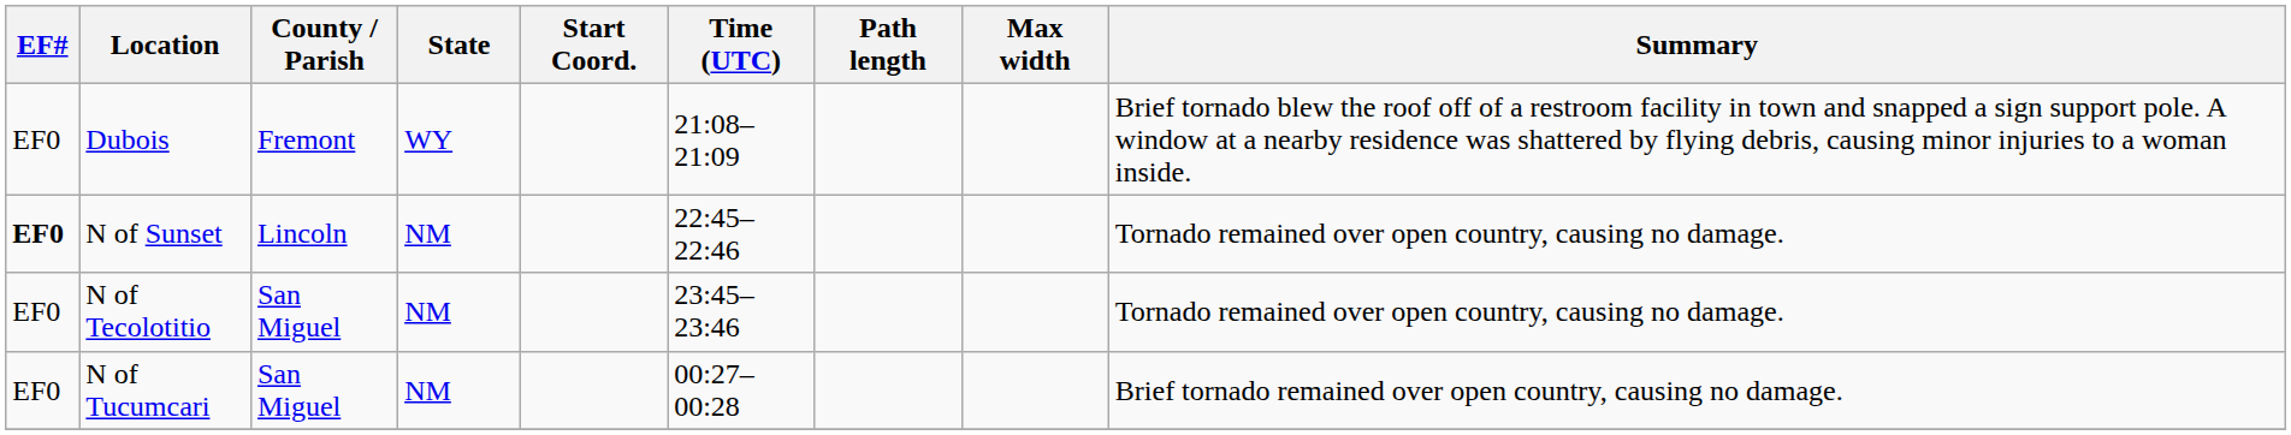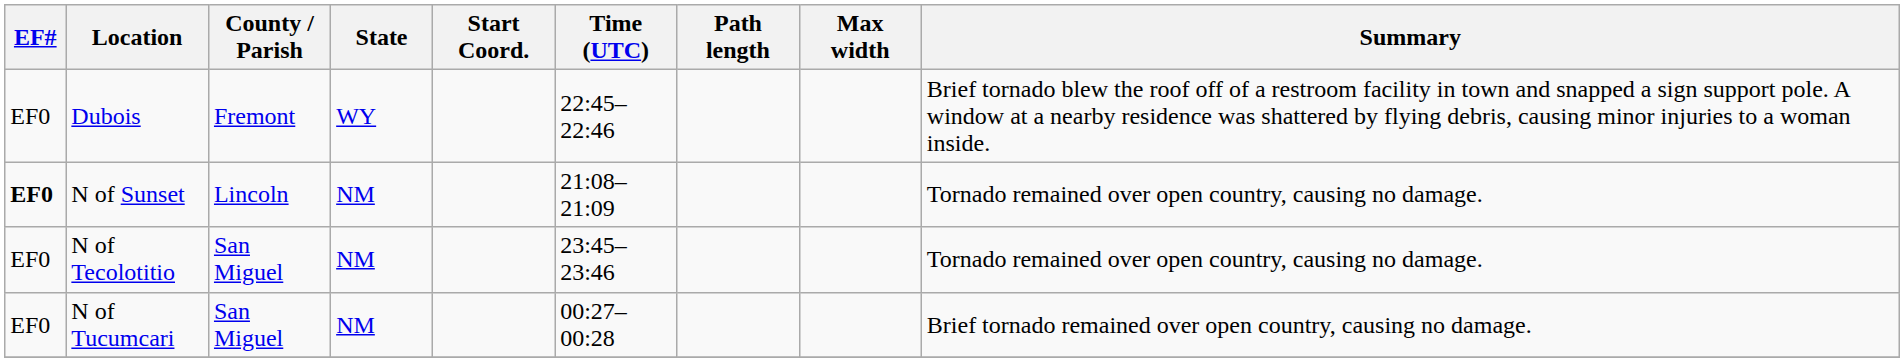 <table class="wikitable sortable" style="width:100%;">
 <tr>
 <th scope="col" width="3%" align="center"><a href='#'>EF#</a></th>
 <th scope="col" width="7%" align="center" class="unsortable">Location</th>
 <th scope="col" width="6%" align="center" class="unsortable">County / Parish</th>
 <th scope="col" width="5%" align="center">State</th>
 <th scope="col" width="6%" align="center">Start Coord.</th>
 <th scope="col" width="6%" align="center">Time (<a href='#'>UTC</a>)</th>
 <th scope="col" width="6%" align="center">Path length</th>
 <th scope="col" width="6%" align="center">Max width</th>
 <th scope="col" width="48%" class="unsortable" align="center">Summary</th>
 </tr>
 <tr>
 <td>EF0</td>
 <td><a href='#'>Dubois</a></td>
 <td><a href='#'>Fremont</a></td>
 <td><a href='#'>WY</a></td>
 <td></td>
-<td>21:08–21:09</td>
+<td>22:45–22:46</td>
 <td></td>
 <td></td>
 <td>Brief tornado blew the roof off of a restroom facility in town and snapped a sign support pole. A window at a nearby residence was shattered by flying debris, causing minor injuries to a woman inside.</td>
 </tr>
 <tr>
 <td><strong>EF0</strong></td>
 <td>N of <a href='#'>Sunset</a></td>
 <td><a href='#'>Lincoln</a></td>
 <td><a href='#'>NM</a></td>
 <td></td>
-<td>22:45–22:46</td>
+<td>21:08–21:09</td>
 <td></td>
 <td></td>
 <td>Tornado remained over open country, causing no damage.</td>
 </tr>
 <tr>
 <td>EF0</td>
 <td>N of <a href='#'>Tecolotitio</a></td>
 <td><a href='#'>San Miguel</a></td>
 <td><a href='#'>NM</a></td>
 <td></td>
 <td>23:45–23:46</td>
 <td></td>
 <td></td>
 <td>Tornado remained over open country, causing no damage.</td>
 </tr>
 <tr>
 <td>EF0</td>
 <td>N of <a href='#'>Tucumcari</a></td>
 <td><a href='#'>San Miguel</a></td>
 <td><a href='#'>NM</a></td>
 <td></td>
 <td>00:27–00:28</td>
 <td></td>
 <td></td>
 <td>Brief tornado remained over open country, causing no damage.</td>
 </tr>
 <tr>
 </tr>
 </table>
